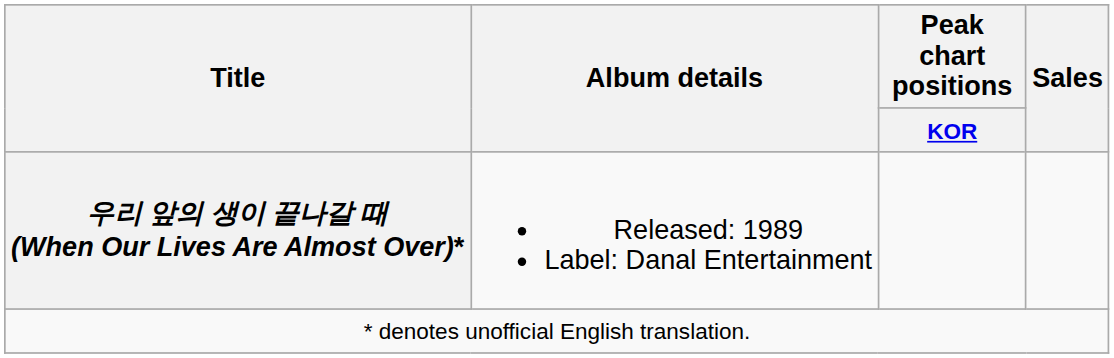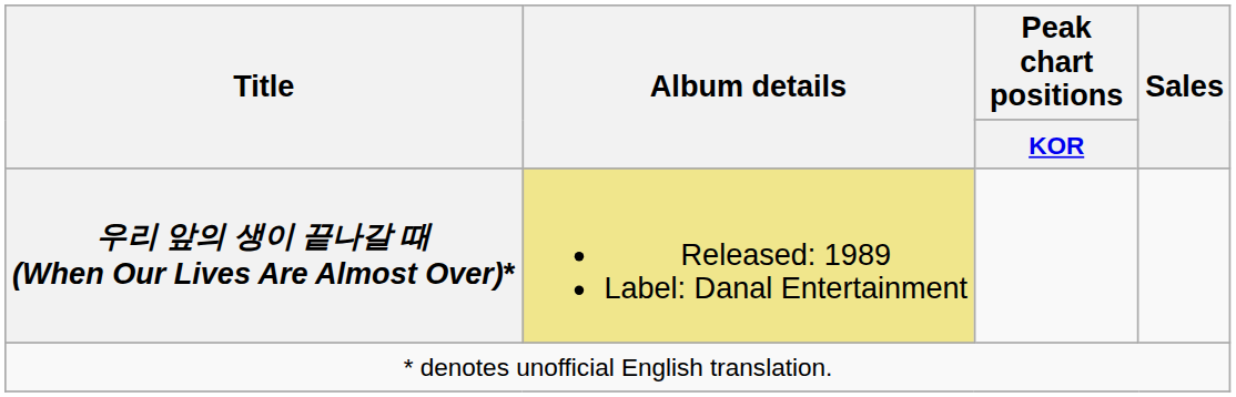 <table class="wikitable plainrowheaders" style="text-align:center;">
 <tr>
 <th rowspan="2" scope="col">Title</th>
 <th rowspan="2" scope="col">Album details</th>
 <th colspan="1" scope="col" style="width:5em;">Peak chart positions</th>
 <th rowspan="2" scope="col">Sales</th>
 </tr>
 <tr>
 <th><small><a href='#'>KOR</a></small></th>
 </tr>
 <tr>
 <th scope="row"><em>우리 앞의 생이 끝나갈 때</em><br><em>(When Our Lives Are Almost Over)</em>*</th>
-<td><br><ul><li>Released: 1989</li><li>Label: Danal Entertainment</li></ul></td>
+<td style="background: khaki;"><br><ul><li>Released: 1989</li><li>Label: Danal Entertainment</li></ul></td>
 <td></td>
 <td></td>
 </tr>
 <tr>
 <td colspan="4" align="center"><small>* denotes unofficial English translation.</small></td>
 </tr>
 </table>
